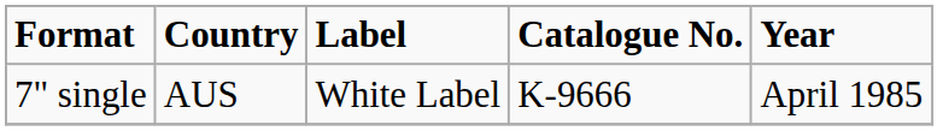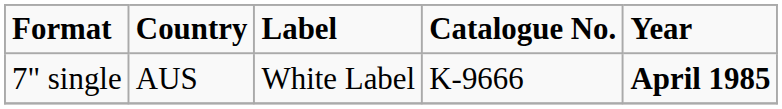 <table class="wikitable">
 <tr>
 <td colspan="1"><strong>Format</strong></td>
 <td colspan="1"><strong>Country</strong></td>
 <td colspan="1"><strong>Label</strong></td>
 <td colspan="1"><strong>Catalogue No.</strong></td>
 <td colspan="1"><strong>Year</strong></td>
 </tr>
 <tr>
 <td>7" single</td>
 <td>AUS</td>
 <td>White Label</td>
 <td>K-9666</td>
-<td>April 1985</td>
+<td><strong>April 1985</strong></td>
 </tr>
 <tr>
 </tr>
 </table>
